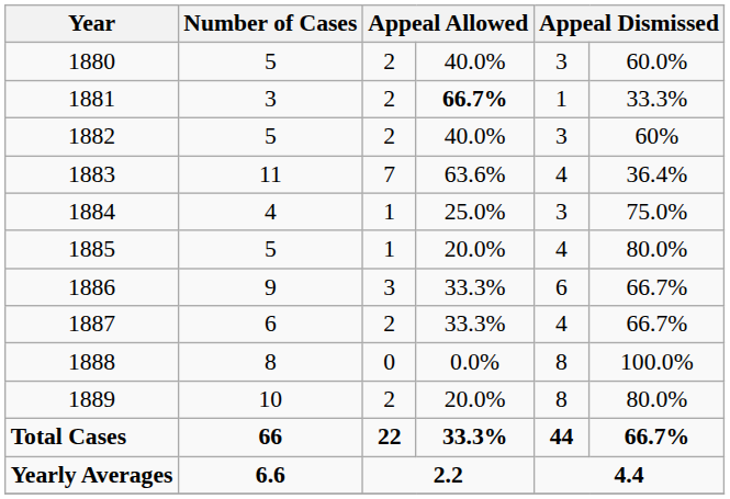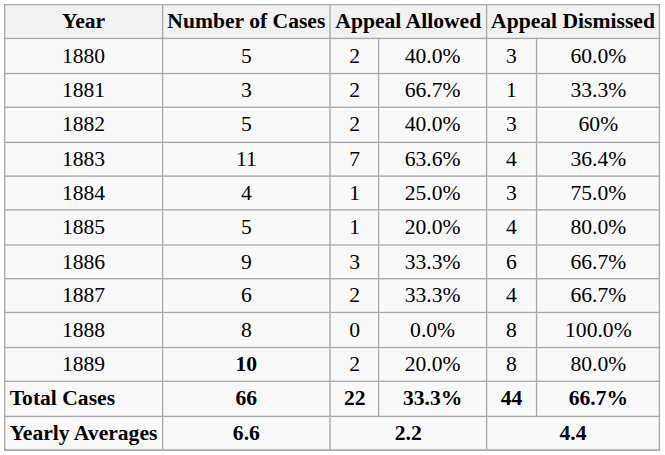 <table class="wikitable sortable">
 <tr>
 <th>Year</th>
 <th>Number of Cases</th>
 <th colspan=2>Appeal Allowed</th>
 <th colspan=2>Appeal Dismissed</th>
 </tr>
 <tr>
 <td style="text-align: center;">1880</td>
 <td style="text-align: center;">5</td>
 <td style="text-align: center;">2</td>
 <td style="text-align: center;">40.0%</td>
 <td style="text-align: center;">3</td>
 <td style="text-align: center;">60.0%</td>
 </tr>
 <tr>
 <td style="text-align: center;">1881</td>
 <td style="text-align: center;">3</td>
 <td style="text-align: center;">2</td>
-<td style="text-align: center;"><strong>66.7%</strong></td>
+<td style="text-align: center;">66.7%</td>
 <td style="text-align: center;">1</td>
 <td style="text-align: center;">33.3%</td>
 </tr>
 <tr>
 <td style="text-align: center;">1882</td>
 <td style="text-align: center;">5</td>
 <td style="text-align: center;">2</td>
 <td style="text-align: center;">40.0%</td>
 <td style="text-align: center;">3</td>
 <td style="text-align: center;">60%</td>
 </tr>
 <tr>
 <td style="text-align: center;">1883</td>
 <td style="text-align: center;">11</td>
 <td style="text-align: center;">7</td>
 <td style="text-align: center;">63.6%</td>
 <td style="text-align: center;">4</td>
 <td style="text-align: center;">36.4%</td>
 </tr>
 <tr>
 <td style="text-align: center;">1884</td>
 <td style="text-align: center;">4</td>
 <td style="text-align: center;">1</td>
 <td style="text-align: center;">25.0%</td>
 <td style="text-align: center;">3</td>
 <td style="text-align: center;">75.0%</td>
 </tr>
 <tr>
 <td style="text-align: center;">1885</td>
 <td style="text-align: center;">5</td>
 <td style="text-align: center;">1</td>
 <td style="text-align: center;">20.0%</td>
 <td style="text-align: center;">4</td>
 <td style="text-align: center;">80.0%</td>
 </tr>
 <tr>
 <td style="text-align: center;">1886</td>
 <td style="text-align: center;">9</td>
 <td style="text-align: center;">3</td>
 <td style="text-align: center;">33.3%</td>
 <td style="text-align: center;">6</td>
 <td style="text-align: center;">66.7%</td>
 </tr>
 <tr>
 <td style="text-align: center;">1887</td>
 <td style="text-align: center;">6</td>
 <td style="text-align: center;">2</td>
 <td style="text-align: center;">33.3%</td>
 <td style="text-align: center;">4</td>
 <td style="text-align: center;">66.7%</td>
 </tr>
 <tr>
 <td style="text-align: center;">1888</td>
 <td style="text-align: center;">8</td>
 <td style="text-align: center;">0</td>
 <td style="text-align: center;">0.0%</td>
 <td style="text-align: center;">8</td>
 <td style="text-align: center;">100.0%</td>
 </tr>
 <tr>
 <td style="text-align: center;">1889</td>
-<td style="text-align: center;">10</td>
+<td style="text-align: center;"><strong>10</strong></td>
 <td style="text-align: center;">2</td>
 <td style="text-align: center;">20.0%</td>
 <td style="text-align: center;">8</td>
 <td style="text-align: center;">80.0%</td>
 </tr>
 <tr>
 <td><strong>Total Cases</strong></td>
 <td style="text-align: center;"><strong>66</strong></td>
 <td style="text-align: center;"><strong>22</strong></td>
 <td style="text-align: center;"><strong>33.3%</strong></td>
 <td style="text-align: center;"><strong>44</strong></td>
 <td style="text-align: center;"><strong>66.7%</strong></td>
 </tr>
 <tr>
 <td><strong>Yearly Averages</strong></td>
 <td style="text-align: center;"><strong>6.6</strong></td>
 <td colspan=2 style="text-align:center;"><strong>2.2</strong></td>
 <td colspan=2 style="text-align:center;"><strong>4.4</strong></td>
 </tr>
 <tr>
 </tr>
 </table>
